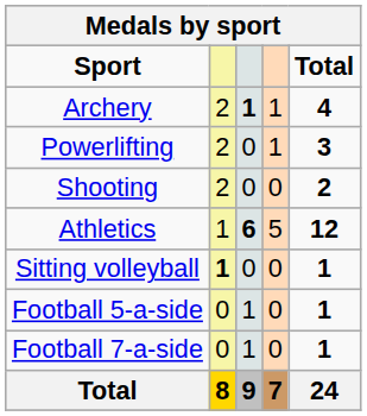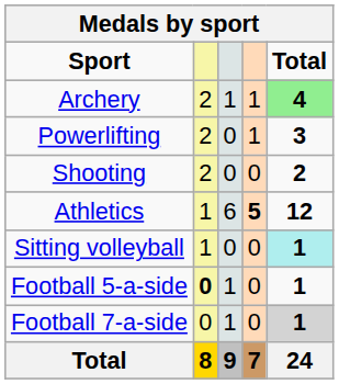 <table class="wikitable" style="font-size:85%">
 <tr style="background:#efefef;">
 <th colspan=5>Medals by sport</th>
 </tr>
 <tr style="text-align:center;">
 <td><strong>Sport</strong></td>
 <td bgcolor=#f7f6a8></td>
 <td bgcolor=#dce5e5></td>
 <td bgcolor=#ffdab9></td>
 <td><strong>Total</strong></td>
 </tr>
 <tr style="text-align:center;">
 <td><a href='#'>Archery</a></td>
 <td style="background:#F7F6A8;">2</td>
-<td style="background:#DCE5E5;"><strong>1</strong></td>
+<td style="background:#DCE5E5;">1</td>
 <td style="background:#FFDAB9;">1</td>
-<td><strong>4</strong></td>
+<td style="background: lightgreen;"><strong>4</strong></td>
 </tr>
 <tr style="text-align:center;">
 <td><a href='#'>Powerlifting</a></td>
 <td style="background:#F7F6A8;">2</td>
 <td style="background:#DCE5E5;">0</td>
 <td style="background:#FFDAB9;">1</td>
 <td><strong>3</strong></td>
 </tr>
 <tr style="text-align:center;">
 <td><a href='#'>Shooting</a></td>
 <td style="background:#F7F6A8;">2</td>
 <td style="background:#DCE5E5;">0</td>
 <td style="background:#FFDAB9;">0</td>
 <td><strong>2</strong></td>
 </tr>
 <tr style="text-align:center;">
 <td><a href='#'>Athletics</a></td>
 <td style="background:#F7F6A8;">1</td>
-<td style="background:#DCE5E5;"><strong>6</strong></td>
-<td style="background:#FFDAB9;">5</td>
+<td style="background:#DCE5E5;">6</td>
+<td style="background:#FFDAB9;"><strong>5</strong></td>
 <td><strong>12</strong></td>
 </tr>
 <tr style="text-align:center;">
 <td><a href='#'>Sitting volleyball</a></td>
-<td style="background:#F7F6A8;"><strong>1</strong></td>
+<td style="background:#F7F6A8;">1</td>
 <td style="background:#DCE5E5;">0</td>
 <td style="background:#FFDAB9;">0</td>
-<td><strong>1</strong></td>
+<td style="background: paleturquoise;"><strong>1</strong></td>
 </tr>
 <tr style="text-align:center;">
 <td><a href='#'>Football 5-a-side</a></td>
-<td style="background:#F7F6A8;">0</td>
+<td style="background:#F7F6A8;"><strong>0</strong></td>
 <td style="background:#DCE5E5;">1</td>
 <td style="background:#FFDAB9;">0</td>
 <td><strong>1</strong></td>
 </tr>
 <tr style="text-align:center;">
 <td><a href='#'>Football 7-a-side</a></td>
 <td style="background:#F7F6A8;">0</td>
 <td style="background:#DCE5E5;">1</td>
 <td style="background:#FFDAB9;">0</td>
-<td><strong>1</strong></td>
+<td style="background: lightgrey;"><strong>1</strong></td>
 </tr>
 <tr style="text-align:center;">
 <th>Total</th>
 <th style="background:gold;">8</th>
 <th style="background:silver;">9</th>
 <th style="background:#c96;">7</th>
 <th>24</th>
 </tr>
 </table>
